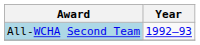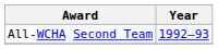 <table class="wikitable">
 <tr>
 <th>Award</th>
 <th>Year</th>
 </tr>
 <tr>
-<td style="background: lightblue;">All-<a href='#'>WCHA</a> <a href='#'>Second Team</a></td>
+<td>All-<a href='#'>WCHA</a> <a href='#'>Second Team</a></td>
 <td><a href='#'>1992–93</a></td>
 </tr>
 <tr>
 </tr>
 </table>
